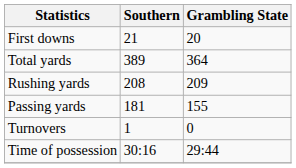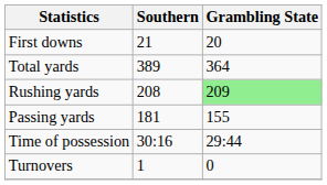 <table class="wikitable">
 <tr>
 <th>Statistics</th>
 <th>Southern</th>
 <th>Grambling State</th>
 </tr>
 <tr>
 <td>First downs</td>
 <td>21</td>
 <td>20</td>
 </tr>
 <tr>
 <td>Total yards</td>
 <td>389</td>
 <td>364</td>
 </tr>
 <tr>
 <td>Rushing yards</td>
 <td>208</td>
-<td>209</td>
+<td style="background: lightgreen;">209</td>
 </tr>
 <tr>
 <td>Passing yards</td>
 <td>181</td>
 <td>155</td>
 </tr>
 <tr>
+<td>Time of possession</td>
+<td>30:16</td>
+<td>29:44</td>
+</tr>
+<tr>
 <td>Turnovers</td>
 <td>1</td>
 <td>0</td>
 </tr>
 <tr>
-<td>Time of possession</td>
-<td>30:16</td>
-<td>29:44</td>
-</tr>
-<tr>
 </tr>
 </table>
